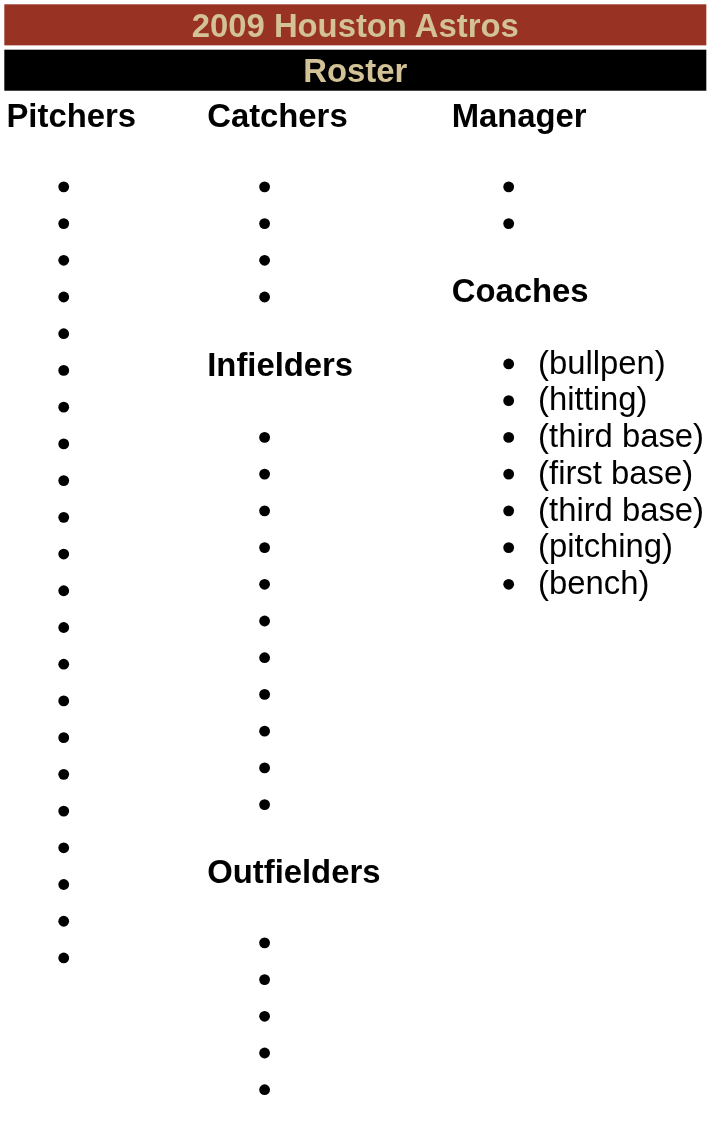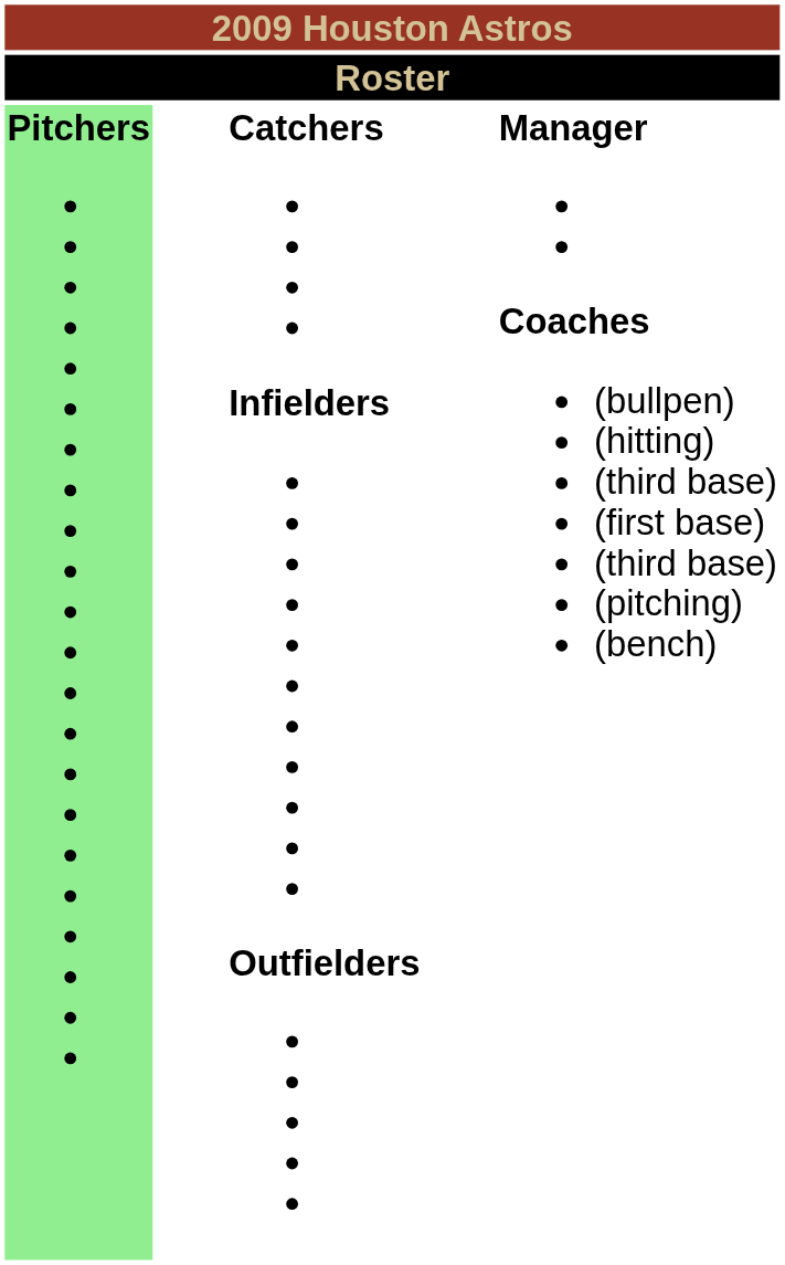 <table class="toccolours" style="font-size: 95%;">
 <tr>
 <th colspan="10" style="background:#983222; color:#d2c295; text-align:center;">2009 Houston Astros</th>
 </tr>
 <tr>
 <td colspan="10" style="background:#000; color:#d2c295; text-align:center;"><strong>Roster</strong></td>
 </tr>
 <tr>
-<td valign="top"><strong>Pitchers</strong><br><ul><li></li><li></li><li></li><li></li><li></li><li></li><li></li><li></li><li></li><li></li><li></li><li></li><li></li><li></li><li></li><li></li><li></li><li></li><li></li><li></li><li></li><li></li></ul></td>
+<td valign="top" style="background: lightgreen;"><strong>Pitchers</strong><br><ul><li></li><li></li><li></li><li></li><li></li><li></li><li></li><li></li><li></li><li></li><li></li><li></li><li></li><li></li><li></li><li></li><li></li><li></li><li></li><li></li><li></li><li></li></ul></td>
 <td width="25px"></td>
 <td valign="top"><strong>Catchers</strong><br><ul><li></li><li></li><li></li><li></li></ul><strong>Infielders</strong><ul><li></li><li></li><li></li><li></li><li></li><li></li><li></li><li></li><li></li><li></li><li></li></ul><strong>Outfielders</strong><ul><li></li><li></li><li></li><li></li><li></li></ul></td>
 <td width="25px"></td>
 <td valign="top"><strong>Manager</strong><br><ul><li></li><li></li></ul><strong>Coaches</strong><ul><li>(bullpen)</li><li> (hitting)</li><li> (third base)</li><li> (first base)</li><li> (third base)</li><li> (pitching)</li><li> (bench)</li></ul></td>
 </tr>
 </table>
